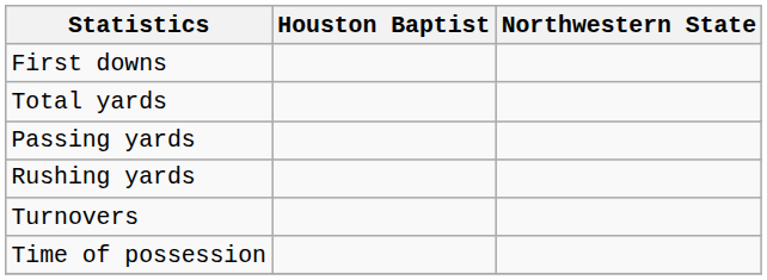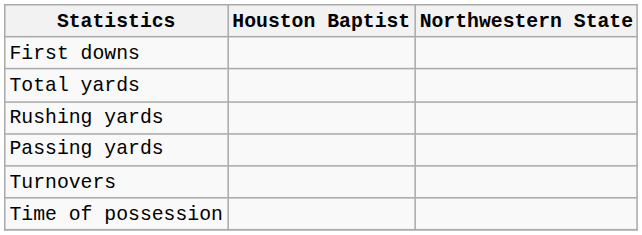 <table class="wikitable">
 <tr>
 <th>Statistics</th>
 <th>Houston Baptist</th>
 <th>Northwestern State</th>
 </tr>
 <tr>
 <td>First downs</td>
 <td> </td>
 <td> </td>
 </tr>
 <tr>
 <td>Total yards</td>
 <td> </td>
 <td> </td>
 </tr>
 <tr>
-<td>Passing yards</td>
+<td>Rushing yards</td>
 <td> </td>
 <td> </td>
 </tr>
 <tr>
-<td>Rushing yards</td>
+<td>Passing yards</td>
 <td> </td>
 <td> </td>
 </tr>
 <tr>
 <td>Turnovers</td>
 <td> </td>
 <td> </td>
 </tr>
 <tr>
 <td>Time of possession</td>
 <td> </td>
 <td> </td>
 </tr>
 <tr>
 </tr>
 </table>
